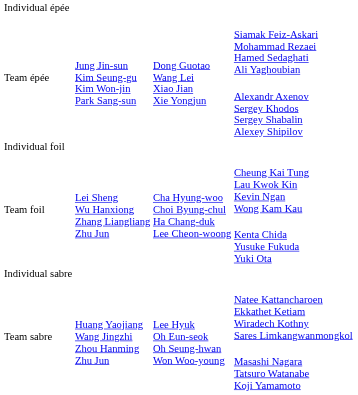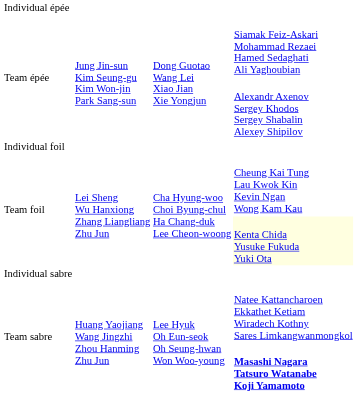 <table>
 <tr>
 <td rowspan=2>Individual épée<br></td>
 <td rowspan=2></td>
 <td rowspan=2></td>
 <td></td>
 </tr>
 <tr>
 <td></td>
 </tr>
 <tr>
 <td rowspan=2>Team épée<br></td>
 <td rowspan=2><br><a href='#'>Jung Jin-sun</a><br><a href='#'>Kim Seung-gu</a><br><a href='#'>Kim Won-jin</a><br><a href='#'>Park Sang-sun</a></td>
 <td rowspan=2><br><a href='#'>Dong Guotao</a><br><a href='#'>Wang Lei</a><br><a href='#'>Xiao Jian</a><br><a href='#'>Xie Yongjun</a></td>
 <td><br><a href='#'>Siamak Feiz-Askari</a><br><a href='#'>Mohammad Rezaei</a><br><a href='#'>Hamed Sedaghati</a><br><a href='#'>Ali Yaghoubian</a></td>
 </tr>
 <tr>
 <td><br><a href='#'>Alexandr Axenov</a><br><a href='#'>Sergey Khodos</a><br><a href='#'>Sergey Shabalin</a><br><a href='#'>Alexey Shipilov</a></td>
 </tr>
 <tr>
 <td rowspan=2>Individual foil<br></td>
 <td rowspan=2></td>
 <td rowspan=2></td>
 <td></td>
 </tr>
 <tr>
 <td></td>
 </tr>
 <tr>
 <td rowspan=2>Team foil<br></td>
 <td rowspan=2><br><a href='#'>Lei Sheng</a><br><a href='#'>Wu Hanxiong</a><br><a href='#'>Zhang Liangliang</a><br><a href='#'>Zhu Jun</a></td>
 <td rowspan=2><br><a href='#'>Cha Hyung-woo</a><br><a href='#'>Choi Byung-chul</a><br><a href='#'>Ha Chang-duk</a><br><a href='#'>Lee Cheon-woong</a></td>
 <td><br><a href='#'>Cheung Kai Tung</a><br><a href='#'>Lau Kwok Kin</a><br><a href='#'>Kevin Ngan</a><br><a href='#'>Wong Kam Kau</a></td>
 </tr>
 <tr>
-<td><br><a href='#'>Kenta Chida</a><br><a href='#'>Yusuke Fukuda</a><br><a href='#'>Yuki Ota</a></td>
+<td style="background: lightyellow;"><br><a href='#'>Kenta Chida</a><br><a href='#'>Yusuke Fukuda</a><br><a href='#'>Yuki Ota</a></td>
 </tr>
 <tr>
 <td rowspan=2>Individual sabre<br></td>
 <td rowspan=2></td>
 <td rowspan=2></td>
 <td></td>
 </tr>
 <tr>
 <td></td>
 </tr>
 <tr>
 <td rowspan=2>Team sabre<br></td>
 <td rowspan=2><br><a href='#'>Huang Yaojiang</a><br><a href='#'>Wang Jingzhi</a><br><a href='#'>Zhou Hanming</a><br><a href='#'>Zhu Jun</a></td>
 <td rowspan=2><br><a href='#'>Lee Hyuk</a><br><a href='#'>Oh Eun-seok</a><br><a href='#'>Oh Seung-hwan</a><br><a href='#'>Won Woo-young</a></td>
 <td><br><a href='#'>Natee Kattancharoen</a><br><a href='#'>Ekkathet Ketiam</a><br><a href='#'>Wiradech Kothny</a><br><a href='#'>Sares Limkangwanmongkol</a></td>
 </tr>
 <tr>
-<td><br><a href='#'>Masashi Nagara</a><br><a href='#'>Tatsuro Watanabe</a><br><a href='#'>Koji Yamamoto</a></td>
+<td><strong><br><a href='#'>Masashi Nagara</a><br><a href='#'>Tatsuro Watanabe</a><br><a href='#'>Koji Yamamoto</a></strong></td>
 </tr>
 </table>
